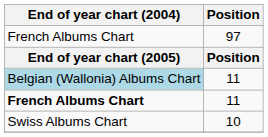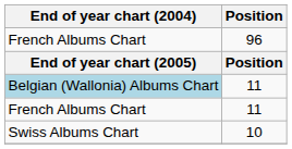 <table class="wikitable sortable">
 <tr>
 <th>End of year chart (2004)</th>
 <th>Position</th>
 </tr>
 <tr>
 <td>French Albums Chart</td>
-<td align="center">97</td>
+<td align="center">96</td>
 </tr>
 <tr>
 <th>End of year chart (2005)</th>
 <th>Position</th>
 </tr>
 <tr>
 <td style="background: lightblue;">Belgian (Wallonia) Albums Chart</td>
 <td align="center">11</td>
 </tr>
 <tr>
-<td><strong>French Albums Chart</strong></td>
+<td>French Albums Chart</td>
 <td align="center">11</td>
 </tr>
 <tr>
 <td>Swiss Albums Chart</td>
 <td align="center">10</td>
 </tr>
 <tr>
 </tr>
 </table>
